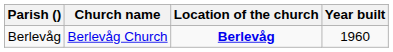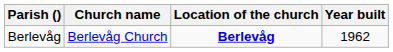 <table class="wikitable" style="text-align:center">
 <tr>
 <th>Parish ()</th>
 <th>Church name</th>
 <th>Location of the church</th>
 <th>Year built</th>
 </tr>
 <tr>
 <td rowspan="1">Berlevåg</td>
 <td><a href='#'>Berlevåg Church</a></td>
 <td><strong><a href='#'>Berlevåg</a></strong></td>
-<td>1960</td>
+<td>1962</td>
 </tr>
 </table>
